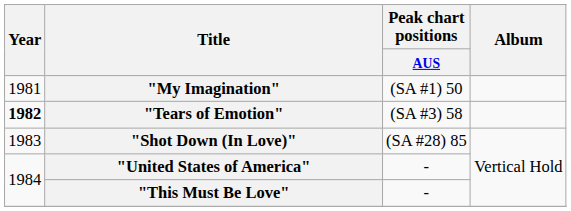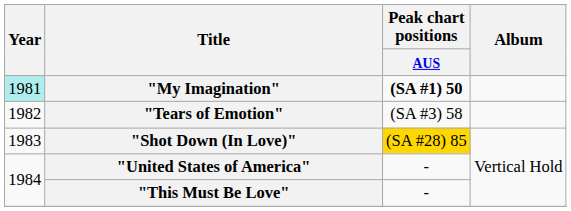 <table class="wikitable plainrowheaders" style="text-align:center;" border="1">
 <tr>
 <th scope="col" rowspan="2">Year</th>
 <th scope="col" rowspan="2" style="width:20em;">Title</th>
 <th scope="col" colspan="1">Peak chart<br>positions</th>
 <th scope="col" rowspan="2">Album</th>
 </tr>
 <tr>
 <th scope="col" style="text-align:center;"><small><a href='#'>AUS</a></small></th>
 </tr>
 <tr>
-<td>1981</td>
+<td style="background: paleturquoise;">1981</td>
 <th scope="row">"My Imagination"</th>
-<td style="text-align:center;">(SA #1) 50</td>
+<td style="text-align:center;"><strong>(SA #1) 50</strong></td>
 <td></td>
 </tr>
 <tr>
-<td><strong>1982</strong></td>
+<td>1982</td>
 <th scope="row">"Tears of Emotion"</th>
 <td style="text-align:center;">(SA #3) 58</td>
 <td></td>
 </tr>
 <tr>
 <td>1983</td>
 <th scope="row">"Shot Down (In Love)"</th>
-<td style="text-align:center;">(SA #28) 85</td>
+<td style="background: gold; text-align:center;">(SA #28) 85</td>
 <td rowspan="3">Vertical Hold</td>
 </tr>
 <tr>
 <td rowspan="2">1984</td>
 <th scope="row">"United States of America"</th>
 <td style="text-align:center;">-</td>
 </tr>
 <tr>
 <th scope="row">"This Must Be Love"</th>
 <td style="text-align:center;">-</td>
 </tr>
 <tr>
 </tr>
 </table>
